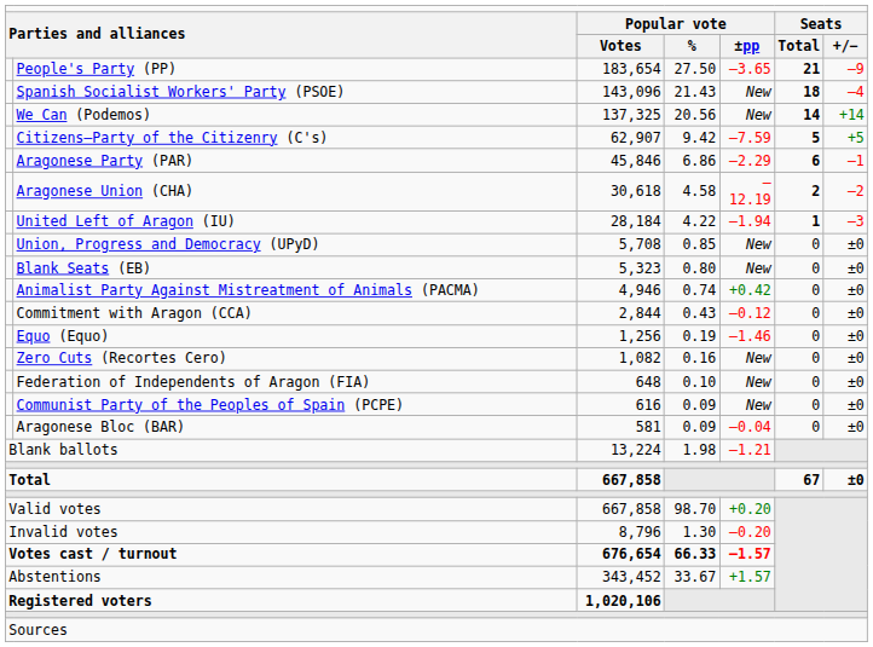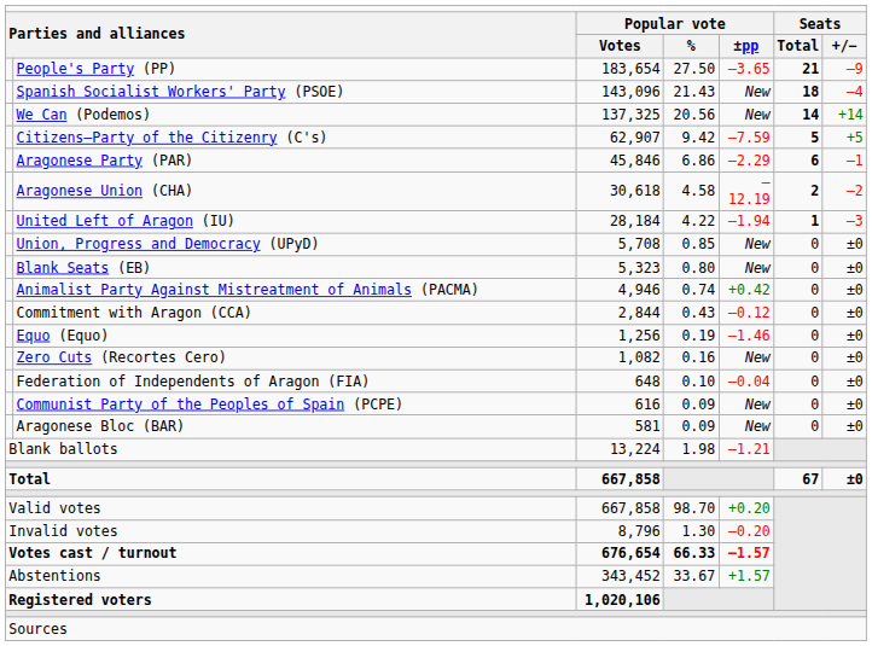 <table class="wikitable" style="text-align:right;">
 <tr>
 <td colspan="7"></td>
 </tr>
 <tr>
 <th style="text-align:left;" rowspan="2" colspan="2" width="525">Parties and alliances</th>
 <th colspan="3">Popular vote</th>
 <th colspan="2">Seats</th>
 </tr>
 <tr>
 <th width="75">Votes</th>
 <th width="45">%</th>
 <th width="45">±<a href='#'>pp</a></th>
 <th width="35">Total</th>
 <th width="35">+/−</th>
 </tr>
 <tr>
 <td width="1" style="color:inherit;background:"></td>
 <td align="left"><a href='#'>People's Party</a> (PP)</td>
 <td>183,654</td>
 <td>27.50</td>
 <td style="color:red;">–3.65</td>
 <td><strong>21</strong></td>
 <td style="color:red;">–9</td>
 </tr>
 <tr>
 <td style="color:inherit;background:"></td>
 <td align="left"><a href='#'>Spanish Socialist Workers' Party</a> (PSOE)</td>
 <td>143,096</td>
 <td>21.43</td>
 <td><em>New</em></td>
 <td><strong>18</strong></td>
 <td style="color:red;">–4</td>
 </tr>
 <tr>
 <td style="color:inherit;background:"></td>
 <td align="left"><a href='#'>We Can</a> (Podemos)</td>
 <td>137,325</td>
 <td>20.56</td>
 <td><em>New</em></td>
 <td><strong>14</strong></td>
 <td style="color:green;">+14</td>
 </tr>
 <tr>
 <td style="color:inherit;background:"></td>
 <td align="left"><a href='#'>Citizens–Party of the Citizenry</a> (C's)</td>
 <td>62,907</td>
 <td>9.42</td>
 <td style="color:red;">–7.59</td>
 <td><strong>5</strong></td>
 <td style="color:green;">+5</td>
 </tr>
 <tr>
 <td style="color:inherit;background:"></td>
 <td align="left"><a href='#'>Aragonese Party</a> (PAR)</td>
 <td>45,846</td>
 <td>6.86</td>
 <td style="color:red;">–2.29</td>
 <td><strong>6</strong></td>
 <td style="color:red;">–1</td>
 </tr>
 <tr>
 <td style="color:inherit;background:"></td>
 <td align="left"><a href='#'>Aragonese Union</a> (CHA)</td>
 <td>30,618</td>
 <td>4.58</td>
 <td style="color:red;">–12.19</td>
 <td><strong>2</strong></td>
 <td style="color:red;">–2</td>
 </tr>
 <tr>
 <td style="color:inherit;background:"></td>
 <td align="left"><a href='#'>United Left of Aragon</a> (IU)</td>
 <td>28,184</td>
 <td>4.22</td>
 <td style="color:red;">–1.94</td>
 <td><strong>1</strong></td>
 <td style="color:red;">–3</td>
 </tr>
 <tr>
 <td style="color:inherit;background:"></td>
 <td align="left"><a href='#'>Union, Progress and Democracy</a> (UPyD)</td>
 <td>5,708</td>
 <td>0.85</td>
 <td><em>New</em></td>
 <td>0</td>
 <td>±0</td>
 </tr>
 <tr>
 <td style="color:inherit;background:"></td>
 <td align="left"><a href='#'>Blank Seats</a> (EB)</td>
 <td>5,323</td>
 <td>0.80</td>
 <td><em>New</em></td>
 <td>0</td>
 <td>±0</td>
 </tr>
 <tr>
 <td style="color:inherit;background:"></td>
 <td align="left"><a href='#'>Animalist Party Against Mistreatment of Animals</a> (PACMA)</td>
 <td>4,946</td>
 <td>0.74</td>
 <td style="color:green;">+0.42</td>
 <td>0</td>
 <td>±0</td>
 </tr>
 <tr>
 <td style="color:inherit;background:"></td>
 <td align="left">Commitment with Aragon (CCA)</td>
 <td>2,844</td>
 <td>0.43</td>
 <td style="color:red;">–0.12</td>
 <td>0</td>
 <td>±0</td>
 </tr>
 <tr>
 <td style="color:inherit;background:"></td>
 <td align="left"><a href='#'>Equo</a> (Equo)</td>
 <td>1,256</td>
 <td>0.19</td>
 <td style="color:red;">–1.46</td>
 <td>0</td>
 <td>±0</td>
 </tr>
 <tr>
 <td style="color:inherit;background:"></td>
 <td align="left"><a href='#'>Zero Cuts</a> (Recortes Cero)</td>
 <td>1,082</td>
 <td>0.16</td>
 <td><em>New</em></td>
 <td>0</td>
 <td>±0</td>
 </tr>
 <tr>
 <td style="color:inherit;background:"></td>
 <td align="left">Federation of Independents of Aragon (FIA)</td>
 <td>648</td>
 <td>0.10</td>
-<td><em>New</em></td>
+<td style="color:red;">–0.04</td>
 <td>0</td>
 <td>±0</td>
 </tr>
 <tr>
 <td style="color:inherit;background:"></td>
 <td align="left"><a href='#'>Communist Party of the Peoples of Spain</a> (PCPE)</td>
 <td>616</td>
 <td>0.09</td>
 <td><em>New</em></td>
 <td>0</td>
 <td>±0</td>
 </tr>
 <tr>
 <td style="color:inherit;background:"></td>
 <td align="left">Aragonese Bloc (BAR)</td>
 <td>581</td>
 <td>0.09</td>
-<td style="color:red;">–0.04</td>
+<td><em>New</em></td>
 <td>0</td>
 <td>±0</td>
 </tr>
 <tr>
 <td align="left" colspan="2">Blank ballots</td>
 <td>13,224</td>
 <td>1.98</td>
 <td style="color:red;">–1.21</td>
 <td bgcolor="#E9E9E9" colspan="2"></td>
 </tr>
 <tr>
 <td colspan="7" bgcolor="#E9E9E9"></td>
 </tr>
 <tr style="font-weight:bold;">
 <td align="left" colspan="2">Total</td>
 <td>667,858</td>
 <td bgcolor="#E9E9E9" colspan="2"></td>
 <td>67</td>
 <td>±0</td>
 </tr>
 <tr>
 <td colspan="7" bgcolor="#E9E9E9"></td>
 </tr>
 <tr>
 <td align="left" colspan="2">Valid votes</td>
 <td>667,858</td>
 <td>98.70</td>
 <td style="color:green;">+0.20</td>
 <td bgcolor="#E9E9E9" colspan="2" rowspan="5"></td>
 </tr>
 <tr>
 <td align="left" colspan="2">Invalid votes</td>
 <td>8,796</td>
 <td>1.30</td>
 <td style="color:red;">–0.20</td>
 </tr>
 <tr style="font-weight:bold;">
 <td align="left" colspan="2">Votes cast / turnout</td>
 <td>676,654</td>
 <td>66.33</td>
 <td style="color:red;">–1.57</td>
 </tr>
 <tr>
 <td align="left" colspan="2">Abstentions</td>
 <td>343,452</td>
 <td>33.67</td>
 <td style="color:green;">+1.57</td>
 </tr>
 <tr style="font-weight:bold;">
 <td align="left" colspan="2">Registered voters</td>
 <td>1,020,106</td>
 <td bgcolor="#E9E9E9" colspan="2"></td>
 </tr>
 <tr>
 <td colspan="7" bgcolor="#E9E9E9"></td>
 </tr>
 <tr>
 <td align="left" colspan="7">Sources</td>
 </tr>
 </table>
